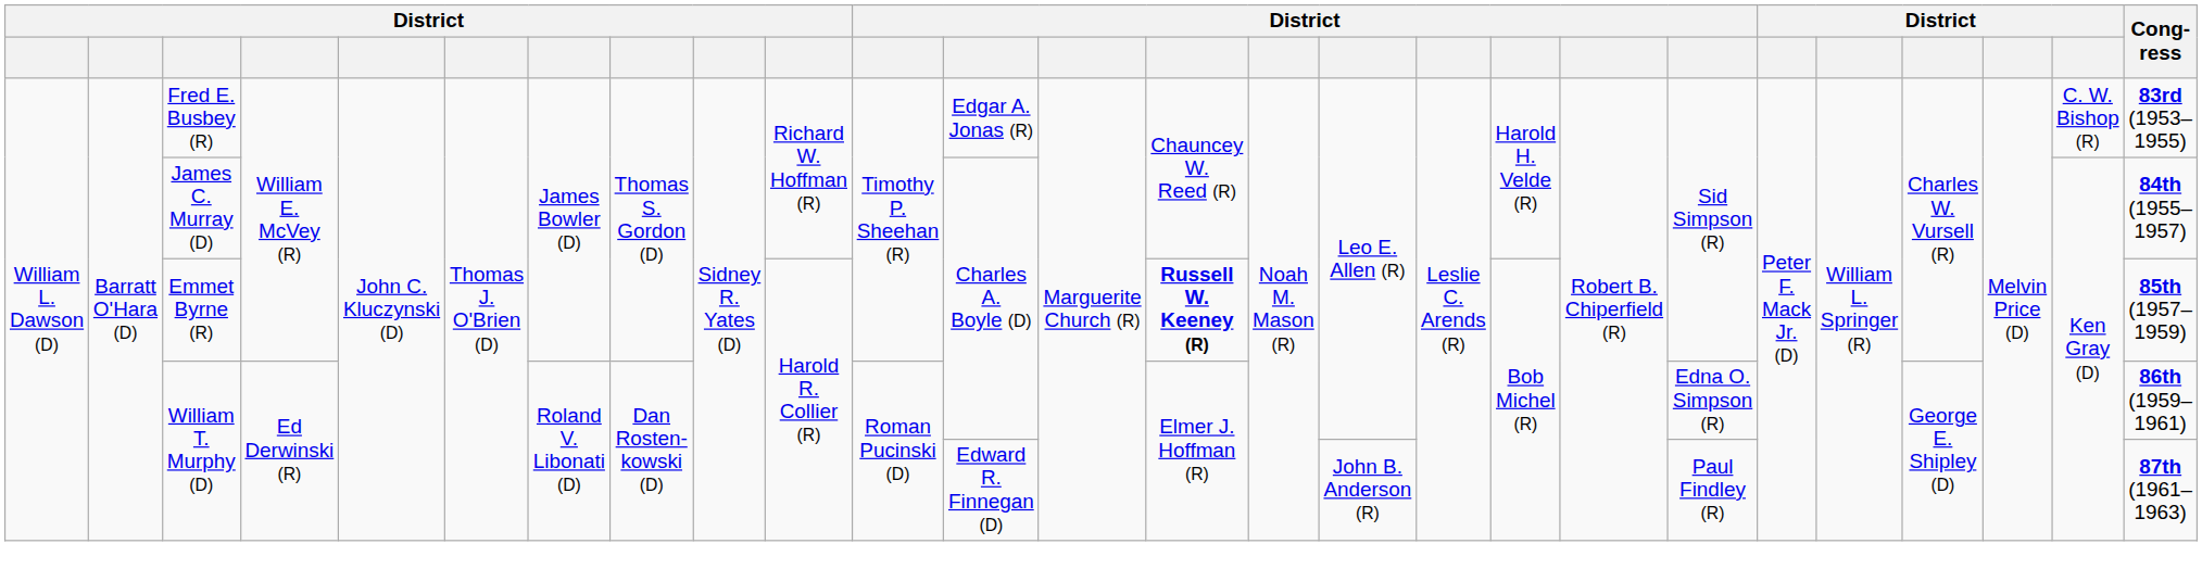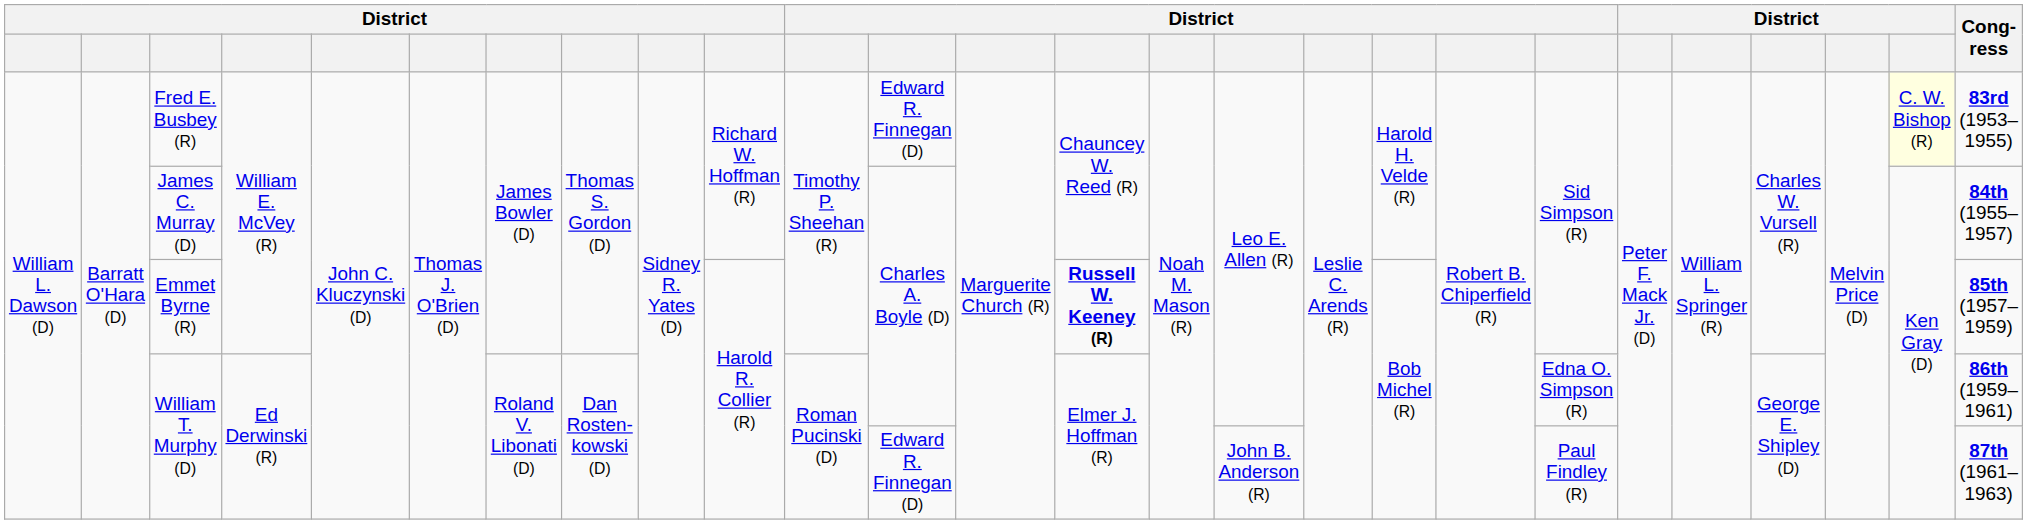 <table class=wikitable style="text-align:center">
 <tr>
 <th colspan=10>District</th>
 <th colspan=10>District</th>
 <th colspan=5>District</th>
 <th rowspan=2>Cong­ress</th>
 </tr>
 <tr style="height:2em" style="height:2em">
 <th></th>
 <th></th>
 <th></th>
 <th></th>
 <th></th>
 <th></th>
 <th></th>
 <th></th>
 <th></th>
 <th></th>
 <th></th>
 <th></th>
 <th></th>
 <th></th>
 <th></th>
 <th></th>
 <th></th>
 <th></th>
 <th></th>
 <th></th>
 <th></th>
 <th></th>
 <th></th>
 <th></th>
 <th></th>
 </tr>
 <tr style="height:2em" style="height:2em">
 <td rowspan=6 ><a href='#'>William<br>L.<br>Dawson</a><br><small>(D)</small></td>
 <td rowspan=6 ><a href='#'>Barratt<br>O'Hara</a><br><small>(D)</small></td>
 <td><a href='#'>Fred E.<br>Busbey</a> <small>(R)</small></td>
 <td rowspan=3 ><a href='#'>William<br>E.<br>McVey</a><br><small>(R)</small></td>
 <td rowspan=6 ><a href='#'>John C.<br>Kluczynski</a><br><small>(D)</small></td>
 <td rowspan=6 ><a href='#'>Thomas<br>J.<br>O'Brien</a><br><small>(D)</small></td>
 <td rowspan=3 ><a href='#'>James<br>Bowler</a><br><small>(D)</small></td>
 <td rowspan=3 ><a href='#'>Thomas<br>S.<br>Gordon</a><br><small>(D)</small></td>
 <td rowspan=5 ><a href='#'>Sidney<br>R.<br>Yates</a><br><small>(D)</small></td>
 <td rowspan=2 ><a href='#'>Richard<br>W.<br>Hoffman</a><br><small>(R)</small></td>
 <td rowspan=3 ><a href='#'>Timothy<br>P.<br>Sheehan</a><br><small>(R)</small></td>
-<td><a href='#'>Edgar A.<br>Jonas</a> <small>(R)</small></td>
+<td><a href='#'>Edward R.<br>Finnegan</a> <small>(D)</small></td>
 <td rowspan=5 ><a href='#'>Marguerite<br>Church</a> <small>(R)</small></td>
 <td rowspan=2 ><a href='#'>Chauncey<br>W.<br>Reed</a> <small>(R)</small></td>
 <td rowspan=5 ><a href='#'>Noah<br>M.<br>Mason</a><br><small>(R)</small></td>
 <td rowspan=4 ><a href='#'>Leo E.<br>Allen</a> <small>(R)</small></td>
 <td rowspan=6 ><a href='#'>Leslie<br>C.<br>Arends</a><br><small>(R)</small></td>
 <td rowspan=2 ><a href='#'>Harold<br>H.<br>Velde</a><br><small>(R)</small></td>
 <td rowspan=5 ><a href='#'>Robert B.<br>Chiperfield</a><br><small>(R)</small></td>
 <td rowspan=3 ><a href='#'>Sid<br>Simpson</a><br><small>(R)</small></td>
 <td rowspan=5 ><a href='#'>Peter<br>F.<br>Mack<br>Jr.</a><br><small>(D)</small></td>
 <td rowspan=6 ><a href='#'>William<br>L.<br>Springer</a><br><small>(R)</small></td>
 <td rowspan=3 ><a href='#'>Charles<br>W.<br>Vursell</a><br><small>(R)</small></td>
 <td rowspan=6 ><a href='#'>Melvin<br>Price</a><br><small>(D)</small></td>
-<td><a href='#'>C. W.<br>Bishop</a> <small>(R)</small></td>
+<td style="background: lightyellow;"><a href='#'>C. W.<br>Bishop</a> <small>(R)</small></td>
 <td><strong><a href='#'>83rd</a></strong><br>(1953–1955)</td>
 </tr>
 <tr style="height:2em" style="height:2em">
 <td><a href='#'>James C.<br>Murray</a> <small>(D)</small></td>
 <td rowspan=3 ><a href='#'>Charles A.<br>Boyle</a> <small>(D)</small></td>
 <td rowspan=4 ><a href='#'>Ken<br>Gray</a> <small>(D)</small></td>
 <td><strong><a href='#'>84th</a></strong><br>(1955–1957)</td>
 </tr>
 <tr style="height:2em" style="height:2em">
 <td><a href='#'>Emmet<br>Byrne</a> <small>(R)</small></td>
 <td rowspan=3 ><a href='#'>Harold<br>R.<br>Collier</a><br><small>(R)</small></td>
 <td><strong><a href='#'>Russell W.<br>Keeney</a> <small>(R)</small></strong></td>
 <td rowspan=3 ><a href='#'>Bob<br>Michel</a><br><small>(R)</small></td>
 <td><strong><a href='#'>85th</a></strong><br>(1957–1959)</td>
 </tr>
 <tr style="height:2em" style="height:2em">
 <td rowspan=2 ><a href='#'>William T.<br>Murphy</a><br><small>(D)</small></td>
 <td rowspan=2 ><a href='#'>Ed<br>Derwinski</a><br><small>(R)</small></td>
 <td rowspan=2 ><a href='#'>Roland<br>V.<br>Libonati</a><br><small>(D)</small></td>
 <td rowspan=2 ><a href='#'>Dan<br>Rosten-<br>kowski</a><br><small>(D)</small></td>
 <td rowspan=2 ><a href='#'>Roman<br>Pucinski</a><br><small>(D)</small></td>
 <td rowspan=2 ><a href='#'>Elmer J.<br>Hoffman</a><br><small>(R)</small></td>
 <td><a href='#'>Edna O.<br>Simpson</a> <small>(R)</small></td>
 <td rowspan=2 ><a href='#'>George<br>E.<br>Shipley</a><br><small>(D)</small></td>
 <td><strong><a href='#'>86th</a></strong><br>(1959–1961)</td>
 </tr>
 <tr style="height:2em" style="height:2em">
 <td><a href='#'>Edward R.<br>Finnegan</a> <small>(D)</small></td>
 <td><a href='#'>John B.<br>Anderson</a> <small>(R)</small></td>
 <td><a href='#'>Paul<br>Findley</a> <small>(R)</small></td>
 <td><strong><a href='#'>87th</a></strong><br>(1961–1963)</td>
 </tr>
 </table>
